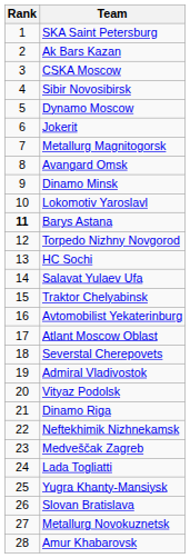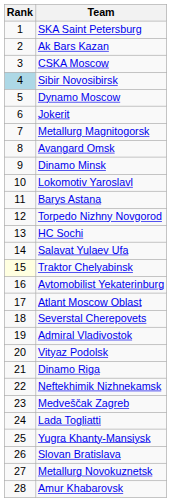 <table class="wikitable">
 <tr>
 <th align="center">Rank</th>
 <th>Team</th>
 </tr>
 <tr>
 <td rowspan="1" align="center">1</td>
 <td> <a href='#'>SKA Saint Petersburg</a></td>
 </tr>
 <tr>
 <td rowspan="1" align="center">2</td>
 <td> <a href='#'>Ak Bars Kazan</a></td>
 </tr>
 <tr>
 <td rowspan="1" align="center">3</td>
 <td> <a href='#'>CSKA Moscow</a></td>
 </tr>
 <tr>
-<td rowspan="1" align="center">4</td>
+<td rowspan="1" align="center" style="background: lightblue;">4</td>
 <td> <a href='#'>Sibir Novosibirsk</a></td>
 </tr>
 <tr>
 <td rowspan="1" align="center">5</td>
 <td> <a href='#'>Dynamo Moscow</a></td>
 </tr>
 <tr>
 <td rowspan="1" align="center">6</td>
 <td> <a href='#'>Jokerit</a></td>
 </tr>
 <tr>
 <td rowspan="1" align="center">7</td>
 <td> <a href='#'>Metallurg Magnitogorsk</a></td>
 </tr>
 <tr>
 <td rowspan="1" align="center">8</td>
 <td> <a href='#'>Avangard Omsk</a></td>
 </tr>
 <tr>
 <td rowspan="1" align="center">9</td>
 <td> <a href='#'>Dinamo Minsk</a></td>
 </tr>
 <tr>
 <td rowspan="1" align="center">10</td>
 <td> <a href='#'>Lokomotiv Yaroslavl</a></td>
 </tr>
 <tr>
-<td rowspan="1" align="center"><strong>11</strong></td>
+<td rowspan="1" align="center">11</td>
 <td> <a href='#'>Barys Astana</a></td>
 </tr>
 <tr>
 <td rowspan="1" align="center">12</td>
 <td> <a href='#'>Torpedo Nizhny Novgorod</a></td>
 </tr>
 <tr>
 <td rowspan="1" align="center">13</td>
 <td> <a href='#'>HC Sochi</a></td>
 </tr>
 <tr>
 <td rowspan="1" align="center">14</td>
 <td> <a href='#'>Salavat Yulaev Ufa</a></td>
 </tr>
 <tr>
-<td rowspan="1" align="center">15</td>
+<td rowspan="1" align="center" style="background: lightyellow;">15</td>
 <td> <a href='#'>Traktor Chelyabinsk</a></td>
 </tr>
 <tr>
 <td rowspan="1" align="center">16</td>
 <td> <a href='#'>Avtomobilist Yekaterinburg</a></td>
 </tr>
 <tr>
 <td rowspan="1" align="center">17</td>
 <td> <a href='#'>Atlant Moscow Oblast</a></td>
 </tr>
 <tr>
 <td rowspan="1" align="center">18</td>
 <td> <a href='#'>Severstal Cherepovets</a></td>
 </tr>
 <tr>
 <td rowspan="1" align="center">19</td>
 <td> <a href='#'>Admiral Vladivostok</a></td>
 </tr>
 <tr>
 <td rowspan="1" align="center">20</td>
 <td> <a href='#'>Vityaz Podolsk</a></td>
 </tr>
 <tr>
 <td rowspan="1" align="center">21</td>
 <td> <a href='#'>Dinamo Riga</a></td>
 </tr>
 <tr>
 <td rowspan="1" align="center">22</td>
 <td> <a href='#'>Neftekhimik Nizhnekamsk</a></td>
 </tr>
 <tr>
 <td rowspan="1" align="center">23</td>
 <td> <a href='#'>Medveščak Zagreb</a></td>
 </tr>
 <tr>
 <td rowspan="1" align="center">24</td>
 <td> <a href='#'>Lada Togliatti</a></td>
 </tr>
 <tr>
 <td rowspan="1" align="center">25</td>
 <td> <a href='#'>Yugra Khanty-Mansiysk</a></td>
 </tr>
 <tr>
 <td rowspan="1" align="center">26</td>
 <td> <a href='#'>Slovan Bratislava</a></td>
 </tr>
 <tr>
 <td rowspan="1" align="center">27</td>
 <td> <a href='#'>Metallurg Novokuznetsk</a></td>
 </tr>
 <tr>
 <td rowspan="1" align="center">28</td>
 <td> <a href='#'>Amur Khabarovsk</a></td>
 </tr>
 </table>
